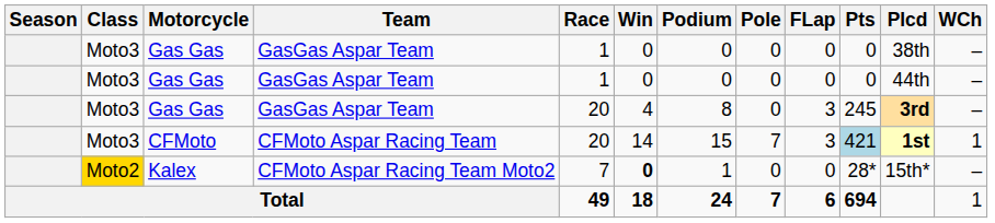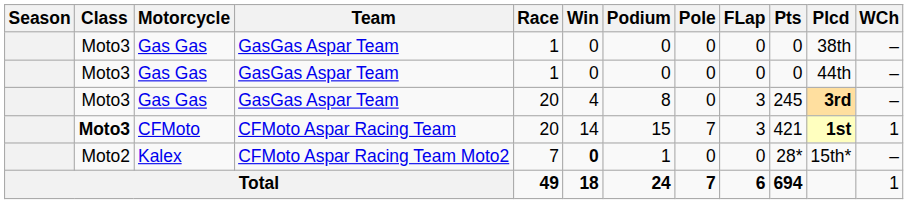 <table class="wikitable" style="text-align:right;">
 <tr>
 <th>Season</th>
 <th>Class</th>
 <th>Motorcycle</th>
 <th>Team</th>
 <th>Race</th>
 <th>Win</th>
 <th>Podium</th>
 <th>Pole</th>
 <th>FLap</th>
 <th>Pts</th>
 <th>Plcd</th>
 <th>WCh</th>
 </tr>
 <tr>
 <th></th>
 <td>Moto3</td>
 <td style="text-align:left;"><a href='#'>Gas Gas</a></td>
 <td style="text-align:left;"><a href='#'>GasGas Aspar Team</a></td>
 <td>1</td>
 <td>0</td>
 <td>0</td>
 <td>0</td>
 <td>0</td>
 <td>0</td>
 <td>38th</td>
 <td>–</td>
 </tr>
 <tr>
 <th></th>
 <td>Moto3</td>
 <td style="text-align:left;"><a href='#'>Gas Gas</a></td>
 <td style="text-align:left;"><a href='#'>GasGas Aspar Team</a></td>
 <td>1</td>
 <td>0</td>
 <td>0</td>
 <td>0</td>
 <td>0</td>
 <td>0</td>
 <td>44th</td>
 <td>–</td>
 </tr>
 <tr>
 <th></th>
 <td>Moto3</td>
 <td style="text-align:left;"><a href='#'>Gas Gas</a></td>
 <td style="text-align:left;"><a href='#'>GasGas Aspar Team</a></td>
 <td>20</td>
 <td>4</td>
 <td>8</td>
 <td>0</td>
 <td>3</td>
 <td>245</td>
 <td style="background:#FFDF9F;"><strong>3rd</strong></td>
 <td>–</td>
 </tr>
 <tr>
 <th></th>
-<td>Moto3</td>
+<td><strong>Moto3</strong></td>
 <td style="text-align:left;"><a href='#'>CFMoto</a></td>
 <td style="text-align:left;"><a href='#'>CFMoto Aspar Racing Team</a></td>
 <td>20</td>
 <td>14</td>
 <td>15</td>
 <td>7</td>
 <td>3</td>
-<td style="background: lightblue;">421</td>
+<td>421</td>
 <td style="background:#FFFFBF;"><strong>1st</strong></td>
 <td>1</td>
 </tr>
 <tr>
 <th></th>
-<td style="background: gold;">Moto2</td>
+<td>Moto2</td>
 <td style="text-align:left;"><a href='#'>Kalex</a></td>
 <td style="text-align:left;"><a href='#'>CFMoto Aspar Racing Team Moto2</a></td>
 <td>7</td>
 <td><strong>0</strong></td>
 <td>1</td>
 <td>0</td>
 <td>0</td>
 <td>28*</td>
 <td>15th*</td>
 <td>–</td>
 </tr>
 <tr>
 <th colspan="4">Total</th>
 <td><strong>49</strong></td>
 <td><strong>18</strong></td>
 <td><strong>24</strong></td>
 <td><strong>7</strong></td>
 <td><strong>6</strong></td>
 <td><strong>694</strong></td>
 <td></td>
 <td>1</td>
 </tr>
 </table>
